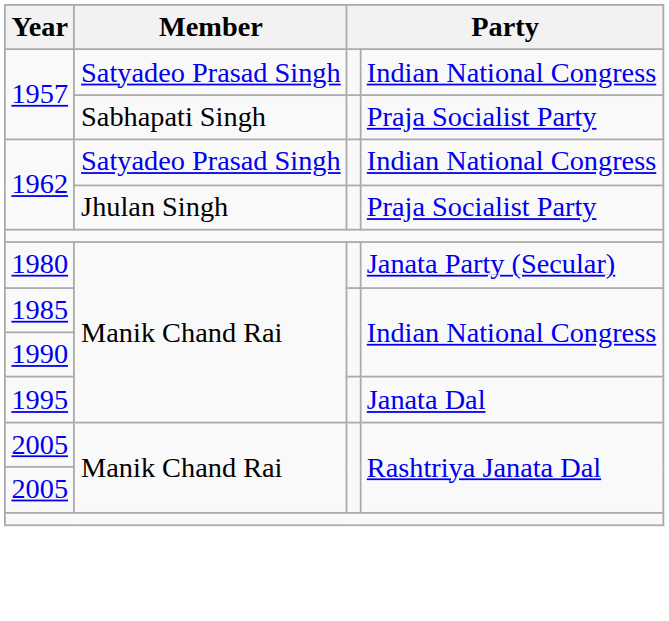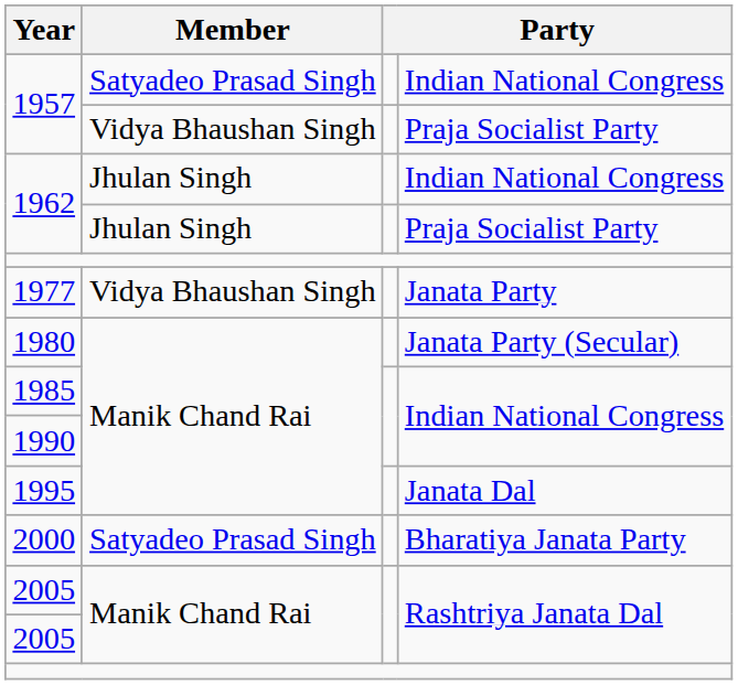 <table class="wikitable">
 <tr>
 <th>Year</th>
 <th>Member</th>
 <th colspan="2">Party</th>
 </tr>
 <tr>
 <td rowspan="2"><a href='#'>1957</a></td>
 <td><a href='#'>Satyadeo Prasad Singh</a></td>
 <td style="background-color: "></td>
 <td><a href='#'>Indian National Congress</a></td>
 </tr>
 <tr>
-<td>Sabhapati Singh</td>
+<td>Vidya Bhaushan Singh</td>
 <td style="background-color: "></td>
 <td><a href='#'>Praja Socialist Party</a></td>
 </tr>
 <tr>
 <td rowspan="2"><a href='#'>1962</a></td>
-<td><a href='#'>Satyadeo Prasad Singh</a></td>
+<td>Jhulan Singh</td>
 <td style="background-color: "></td>
 <td><a href='#'>Indian National Congress</a></td>
 </tr>
 <tr>
 <td>Jhulan Singh</td>
 <td style="background-color: "></td>
 <td><a href='#'>Praja Socialist Party</a></td>
 </tr>
 <tr>
 <td colspan="4"></td>
+</tr>
+<tr>
+<td><a href='#'>1977</a></td>
+<td>Vidya Bhaushan Singh</td>
+<td style="background-color: "></td>
+<td><a href='#'>Janata Party</a></td>
 </tr>
 <tr>
 <td><a href='#'>1980</a></td>
 <td rowspan="4">Manik Chand Rai</td>
 <td style="background-color: "></td>
 <td><a href='#'>Janata Party (Secular)</a></td>
 </tr>
 <tr>
 <td><a href='#'>1985</a></td>
 <td rowspan="2" style="background-color: "></td>
 <td rowspan="2"><a href='#'>Indian National Congress</a></td>
 </tr>
 <tr>
 <td><a href='#'>1990</a></td>
 </tr>
 <tr>
 <td><a href='#'>1995</a></td>
 <td style="background-color: "></td>
 <td><a href='#'>Janata Dal</a></td>
 </tr>
 <tr>
+<td><a href='#'>2000</a></td>
+<td><a href='#'>Satyadeo Prasad Singh</a></td>
+<td style="background-color: "></td>
+<td><a href='#'>Bharatiya Janata Party</a></td>
+</tr>
+<tr>
 <td><a href='#'>2005</a></td>
 <td rowspan="2">Manik Chand Rai</td>
 <td rowspan="2" style="background-color: "></td>
 <td rowspan="2"><a href='#'>Rashtriya Janata Dal</a></td>
 </tr>
 <tr>
 <td><a href='#'>2005</a></td>
 </tr>
 <tr>
 <td colspan="4"></td>
 </tr>
 </table>
